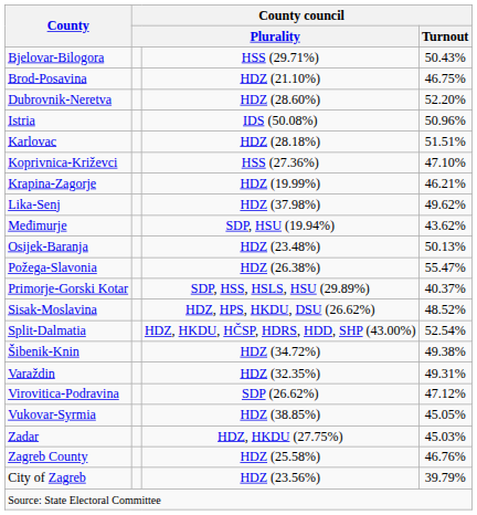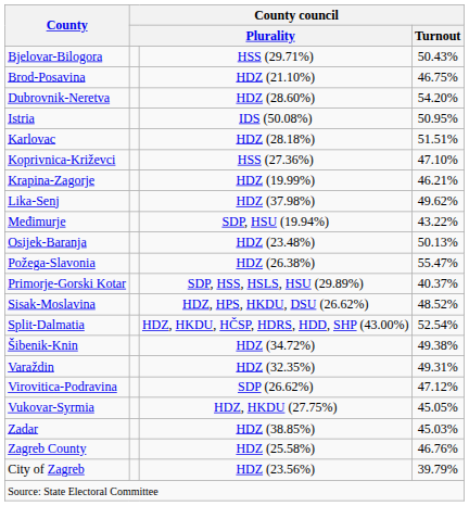 <table class="wikitable">
 <tr>
 <th rowspan="2"><a href='#'>County</a></th>
 <th colspan="3">County council</th>
 </tr>
 <tr>
 <th colspan="2"><a href='#'>Plurality</a></th>
 <th>Turnout</th>
 </tr>
 <tr>
 <td><a href='#'>Bjelovar-Bilogora</a></td>
 <td width="5px" style="background-color:"></td>
 <td style="text-align:center;"><a href='#'>HSS</a> (29.71%)</td>
 <td style="text-align:center;">50.43%</td>
 </tr>
 <tr>
 <td><a href='#'>Brod-Posavina</a></td>
 <td width="5px" style="background-color:"></td>
 <td style="text-align:center;"><a href='#'>HDZ</a> (21.10%)</td>
 <td style="text-align:center;">46.75%</td>
 </tr>
 <tr>
 <td><a href='#'>Dubrovnik-Neretva</a></td>
 <td width="5px" style="background-color:"></td>
 <td style="text-align:center;"><a href='#'>HDZ</a> (28.60%)</td>
-<td style="text-align:center;">52.20%</td>
+<td style="text-align:center;">54.20%</td>
 </tr>
 <tr>
 <td><a href='#'>Istria</a></td>
 <td width="5px" style="background-color:"></td>
 <td style="text-align:center;"><a href='#'>IDS</a> (50.08%)</td>
-<td style="text-align:center;">50.96%</td>
+<td style="text-align:center;">50.95%</td>
 </tr>
 <tr>
 <td><a href='#'>Karlovac</a></td>
 <td width="5px" style="background-color:"></td>
 <td style="text-align:center;"><a href='#'>HDZ</a> (28.18%)</td>
 <td style="text-align:center;">51.51%</td>
 </tr>
 <tr>
 <td><a href='#'>Koprivnica-Križevci</a></td>
 <td width="5px" style="background-color:"></td>
 <td style="text-align:center;"><a href='#'>HSS</a> (27.36%)</td>
 <td style="text-align:center;">47.10%</td>
 </tr>
 <tr>
 <td><a href='#'>Krapina-Zagorje</a></td>
 <td width="5px" style="background-color:"></td>
 <td style="text-align:center;"><a href='#'>HDZ</a> (19.99%)</td>
 <td style="text-align:center;">46.21%</td>
 </tr>
 <tr>
 <td><a href='#'>Lika-Senj</a></td>
 <td width="5px" style="background-color:"></td>
 <td style="text-align:center;"><a href='#'>HDZ</a> (37.98%)</td>
 <td style="text-align:center;">49.62%</td>
 </tr>
 <tr>
 <td><a href='#'>Međimurje</a></td>
 <td width="5px" style="background-color:"></td>
 <td style="text-align:center;"><a href='#'>SDP</a>, <a href='#'>HSU</a> (19.94%)</td>
-<td style="text-align:center;">43.62%</td>
+<td style="text-align:center;">43.22%</td>
 </tr>
 <tr>
 <td><a href='#'>Osijek-Baranja</a></td>
 <td width="5px" style="background-color:"></td>
 <td style="text-align:center;"><a href='#'>HDZ</a> (23.48%)</td>
 <td style="text-align:center;">50.13%</td>
 </tr>
 <tr>
 <td><a href='#'>Požega-Slavonia</a></td>
 <td width="5px" style="background-color:"></td>
 <td style="text-align:center;"><a href='#'>HDZ</a> (26.38%)</td>
 <td style="text-align:center;">55.47%</td>
 </tr>
 <tr>
 <td><a href='#'>Primorje-Gorski Kotar</a></td>
 <td width="5px" style="background-color:"></td>
 <td style="text-align:center;"><a href='#'>SDP</a>, <a href='#'>HSS</a>, <a href='#'>HSLS</a>, <a href='#'>HSU</a> (29.89%)</td>
 <td style="text-align:center;">40.37%</td>
 </tr>
 <tr>
 <td><a href='#'>Sisak-Moslavina</a></td>
 <td width="5px" style="background-color:"></td>
 <td style="text-align:center;"><a href='#'>HDZ</a>, <a href='#'>HPS</a>, <a href='#'>HKDU</a>, <a href='#'>DSU</a> (26.62%)</td>
 <td style="text-align:center;">48.52%</td>
 </tr>
 <tr>
 <td><a href='#'>Split-Dalmatia</a></td>
 <td width="5px" style="background-color:"></td>
 <td style="text-align:center;"><a href='#'>HDZ</a>, <a href='#'>HKDU</a>, <a href='#'>HČSP</a>, <a href='#'>HDRS</a>, <a href='#'>HDD</a>, <a href='#'>SHP</a> (43.00%)</td>
 <td style="text-align:center;">52.54%</td>
 </tr>
 <tr>
 <td><a href='#'>Šibenik-Knin</a></td>
 <td width="5px" style="background-color:"></td>
 <td style="text-align:center;"><a href='#'>HDZ</a> (34.72%)</td>
 <td style="text-align:center;">49.38%</td>
 </tr>
 <tr>
 <td><a href='#'>Varaždin</a></td>
 <td width="5px" style="background-color:"></td>
 <td style="text-align:center;"><a href='#'>HDZ</a> (32.35%)</td>
 <td style="text-align:center;">49.31%</td>
 </tr>
 <tr>
 <td><a href='#'>Virovitica-Podravina</a></td>
 <td width="5px" style="background-color:"></td>
 <td style="text-align:center;"><a href='#'>SDP</a> (26.62%)</td>
 <td style="text-align:center;">47.12%</td>
 </tr>
 <tr>
 <td><a href='#'>Vukovar-Syrmia</a></td>
 <td width="5px" style="background-color:"></td>
-<td style="text-align:center;"><a href='#'>HDZ</a> (38.85%)</td>
+<td style="text-align:center;"><a href='#'>HDZ</a>, <a href='#'>HKDU</a> (27.75%)</td>
 <td style="text-align:center;">45.05%</td>
 </tr>
 <tr>
 <td><a href='#'>Zadar</a></td>
 <td width="5px" style="background-color:"></td>
-<td style="text-align:center;"><a href='#'>HDZ</a>, <a href='#'>HKDU</a> (27.75%)</td>
+<td style="text-align:center;"><a href='#'>HDZ</a> (38.85%)</td>
 <td style="text-align:center;">45.03%</td>
 </tr>
 <tr>
 <td><a href='#'>Zagreb County</a></td>
 <td width="5px" style="background-color:"></td>
 <td style="text-align:center;"><a href='#'>HDZ</a> (25.58%)</td>
 <td style="text-align:center;">46.76%</td>
 </tr>
 <tr>
 <td>City of <a href='#'>Zagreb</a></td>
 <td width="5px" style="background-color:"></td>
 <td style="text-align:center;"><a href='#'>HDZ</a> (23.56%)</td>
 <td style="text-align:center;">39.79%</td>
 </tr>
 <tr>
 <td colspan="4"><small>Source: State Electoral Committee</small></td>
 </tr>
 </table>
